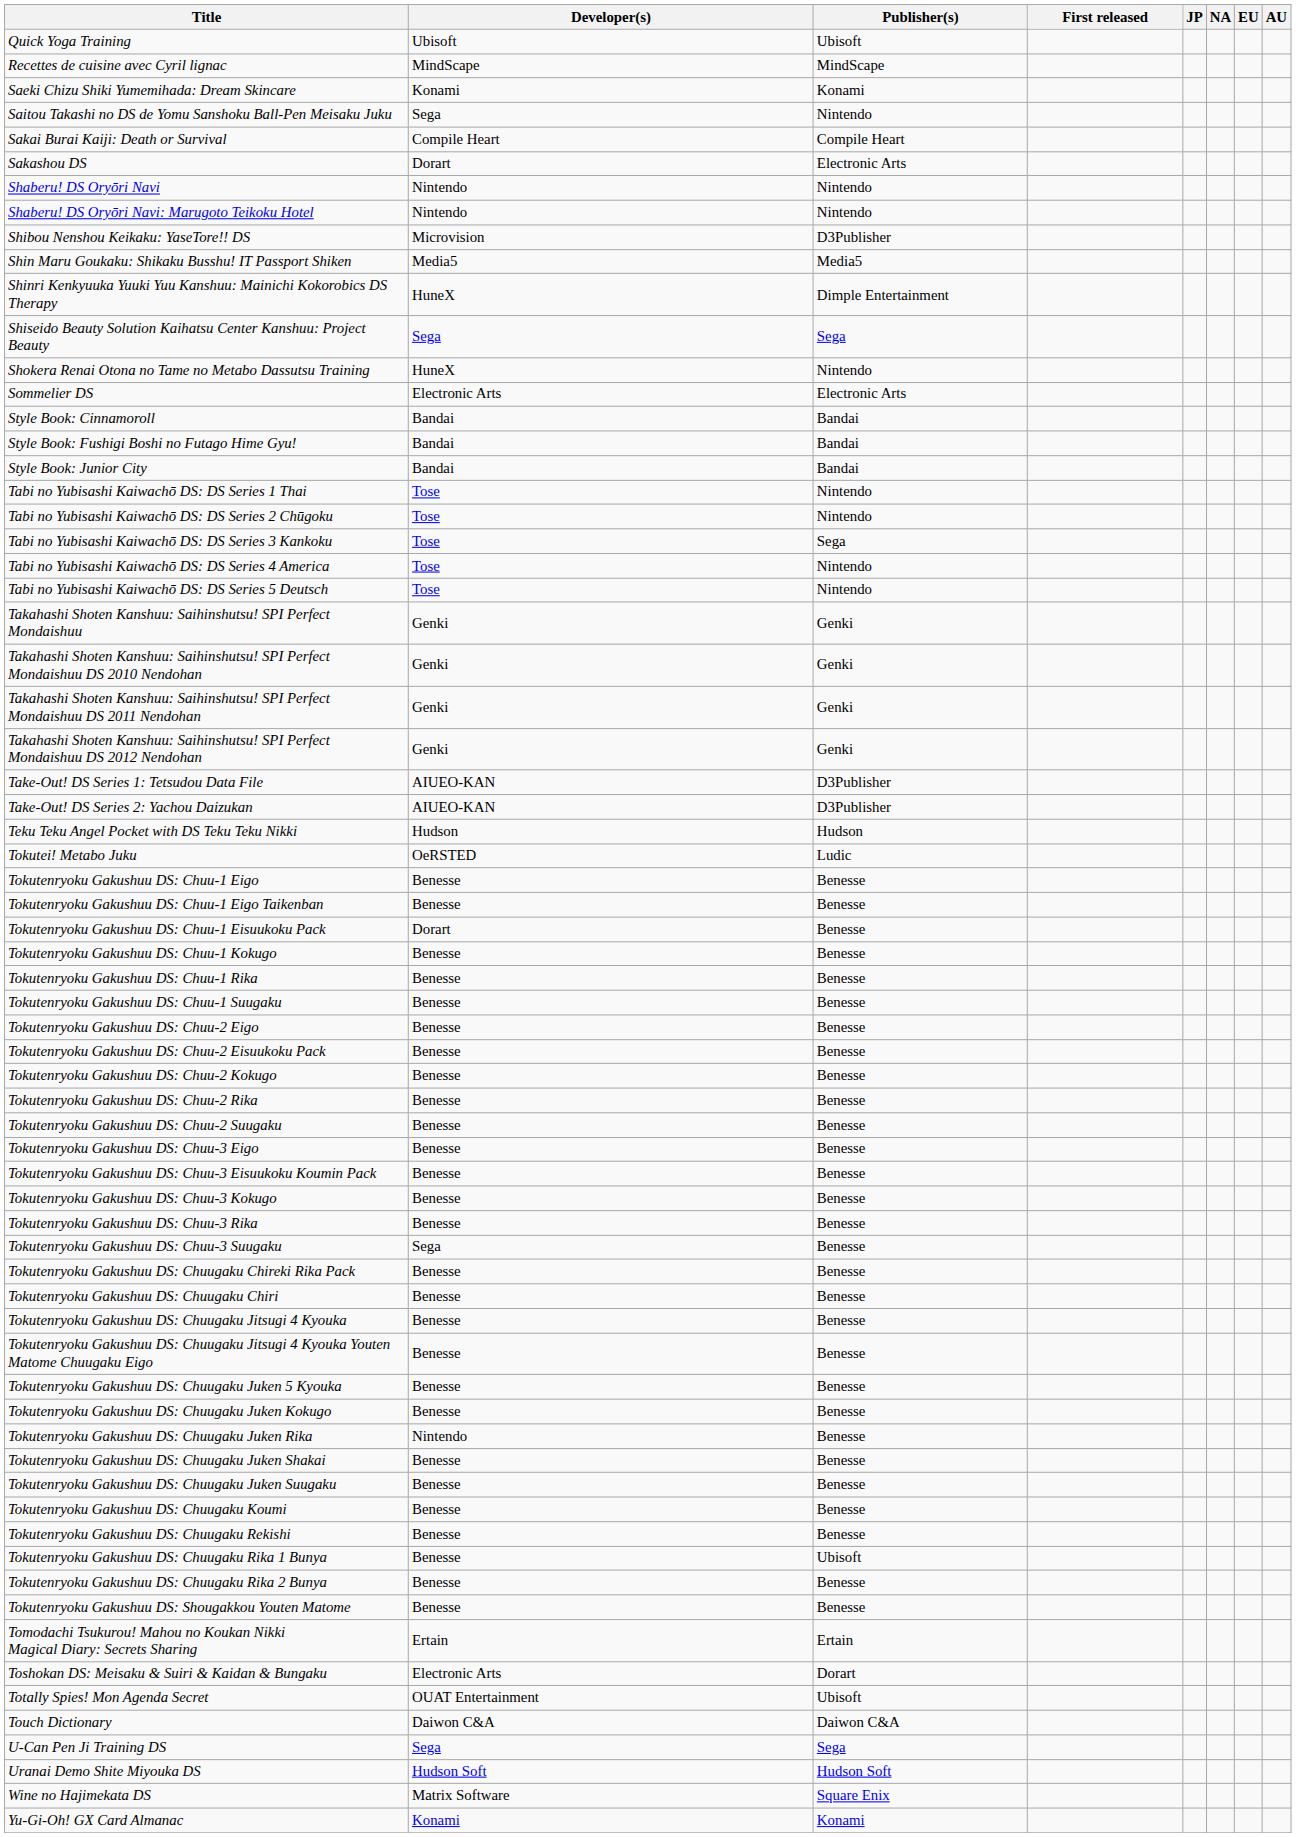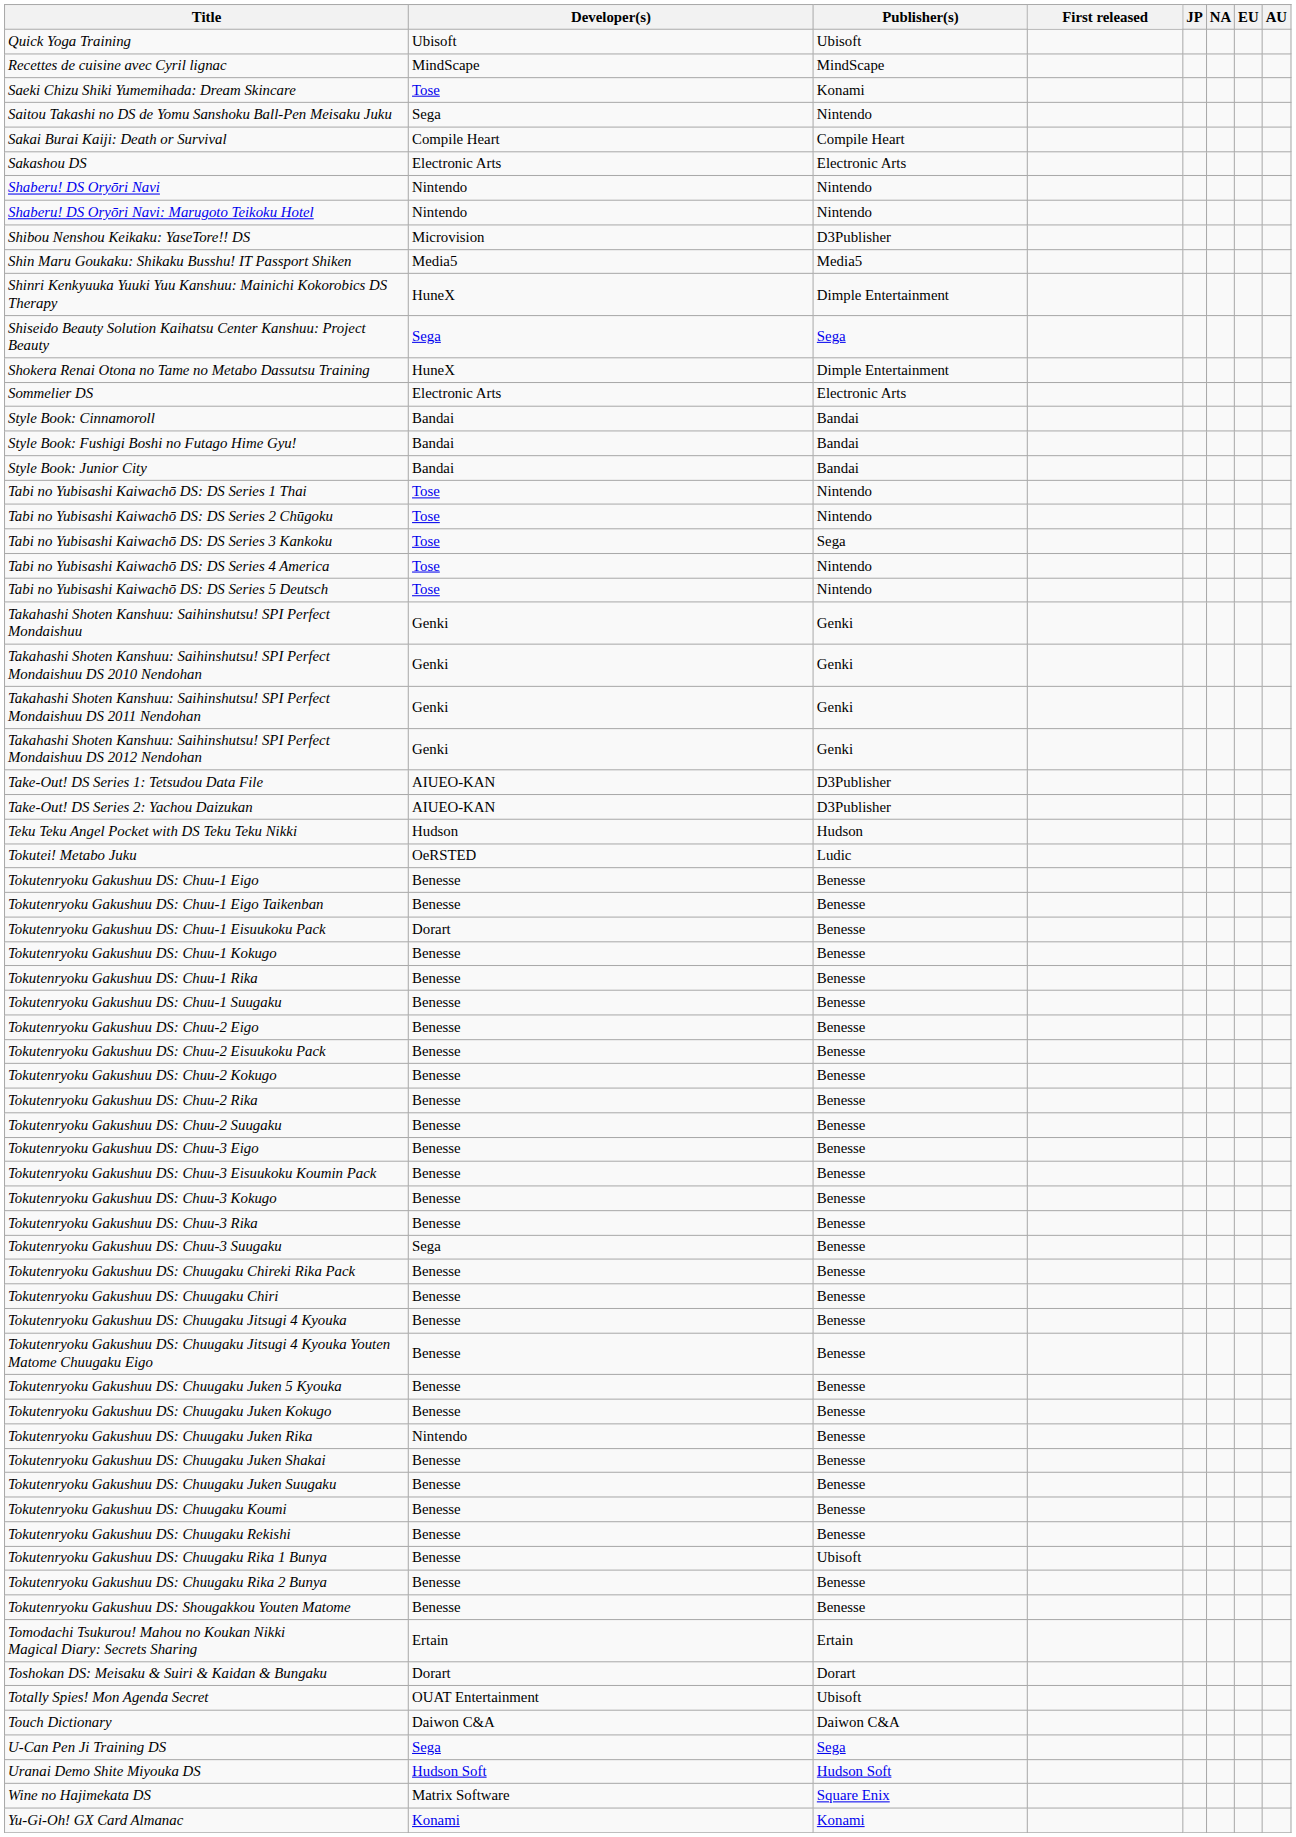 <table class="wikitable plainrowheaders sortable" style="font-size:90%;" id="applist">
 <tr>
 <th width=40%>Title</th>
 <th width=40%>Developer(s)</th>
 <th width=85%>Publisher(s)</th>
 <th style="display:inline-block; border:0; width:144px;">First released</th>
 <th width=5%>JP</th>
 <th width=5%>NA</th>
 <th width=5%>EU</th>
 <th width=5%>AU</th>
 </tr>
 <tr>
 <td><em>Quick Yoga Training</em></td>
 <td>Ubisoft</td>
 <td>Ubisoft</td>
 <td></td>
 <td></td>
 <td></td>
 <td></td>
 <td></td>
 </tr>
 <tr>
 <td><em>Recettes de cuisine avec Cyril lignac</em></td>
 <td>MindScape</td>
 <td>MindScape</td>
 <td></td>
 <td></td>
 <td></td>
 <td></td>
 <td></td>
 </tr>
 <tr>
 <td><em>Saeki Chizu Shiki Yumemihada: Dream Skincare</em></td>
-<td>Konami</td>
+<td><a href='#'>Tose</a></td>
 <td>Konami</td>
 <td></td>
 <td></td>
 <td></td>
 <td></td>
 <td></td>
 </tr>
 <tr>
 <td><em>Saitou Takashi no DS de Yomu Sanshoku Ball-Pen Meisaku Juku</em></td>
 <td>Sega</td>
 <td>Nintendo</td>
 <td></td>
 <td></td>
 <td></td>
 <td></td>
 <td></td>
 </tr>
 <tr>
 <td><em>Sakai Burai Kaiji: Death or Survival</em></td>
 <td>Compile Heart</td>
 <td>Compile Heart</td>
 <td></td>
 <td></td>
 <td></td>
 <td></td>
 <td></td>
 </tr>
 <tr>
 <td><em>Sakashou DS</em></td>
-<td>Dorart</td>
+<td>Electronic Arts</td>
 <td>Electronic Arts</td>
 <td></td>
 <td></td>
 <td></td>
 <td></td>
 <td></td>
 </tr>
 <tr>
 <td><em><a href='#'>Shaberu! DS Oryōri Navi</a></em></td>
 <td>Nintendo</td>
 <td>Nintendo</td>
 <td></td>
 <td></td>
 <td></td>
 <td></td>
 <td></td>
 </tr>
 <tr>
 <td><em><a href='#'>Shaberu! DS Oryōri Navi: Marugoto Teikoku Hotel</a></em></td>
 <td>Nintendo</td>
 <td>Nintendo</td>
 <td></td>
 <td></td>
 <td></td>
 <td></td>
 <td></td>
 </tr>
 <tr>
 <td><em>Shibou Nenshou Keikaku: YaseTore!! DS</em></td>
 <td>Microvision</td>
 <td>D3Publisher</td>
 <td></td>
 <td></td>
 <td></td>
 <td></td>
 <td></td>
 </tr>
 <tr>
 <td><em>Shin Maru Goukaku: Shikaku Busshu! IT Passport Shiken</em></td>
 <td>Media5</td>
 <td>Media5</td>
 <td></td>
 <td></td>
 <td></td>
 <td></td>
 <td></td>
 </tr>
 <tr>
 <td><em>Shinri Kenkyuuka Yuuki Yuu Kanshuu: Mainichi Kokorobics DS Therapy</em></td>
 <td>HuneX</td>
 <td>Dimple Entertainment</td>
 <td></td>
 <td></td>
 <td></td>
 <td></td>
 <td></td>
 </tr>
 <tr>
 <td><em>Shiseido Beauty Solution Kaihatsu Center Kanshuu: Project Beauty</em></td>
 <td><a href='#'>Sega</a></td>
 <td><a href='#'>Sega</a></td>
 <td></td>
 <td></td>
 <td></td>
 <td></td>
 <td></td>
 </tr>
 <tr>
 <td><em>Shokera Renai Otona no Tame no Metabo Dassutsu Training</em></td>
 <td>HuneX</td>
-<td>Nintendo</td>
+<td>Dimple Entertainment</td>
 <td></td>
 <td></td>
 <td></td>
 <td></td>
 <td></td>
 </tr>
 <tr>
 <td><em>Sommelier DS</em></td>
 <td>Electronic Arts</td>
 <td>Electronic Arts</td>
 <td></td>
 <td></td>
 <td></td>
 <td></td>
 <td></td>
 </tr>
 <tr>
 <td><em>Style Book: Cinnamoroll</em></td>
 <td>Bandai</td>
 <td>Bandai</td>
 <td></td>
 <td></td>
 <td></td>
 <td></td>
 <td></td>
 </tr>
 <tr>
 <td><em>Style Book: Fushigi Boshi no Futago Hime Gyu!</em></td>
 <td>Bandai</td>
 <td>Bandai</td>
 <td></td>
 <td></td>
 <td></td>
 <td></td>
 <td></td>
 </tr>
 <tr>
 <td><em>Style Book: Junior City</em></td>
 <td>Bandai</td>
 <td>Bandai</td>
 <td></td>
 <td></td>
 <td></td>
 <td></td>
 <td></td>
 </tr>
 <tr>
 <td><em>Tabi no Yubisashi Kaiwachō DS: DS Series 1 Thai</em></td>
 <td><a href='#'>Tose</a></td>
 <td>Nintendo</td>
 <td></td>
 <td></td>
 <td></td>
 <td></td>
 <td></td>
 </tr>
 <tr>
 <td><em>Tabi no Yubisashi Kaiwachō DS: DS Series 2 Chūgoku</em></td>
 <td><a href='#'>Tose</a></td>
 <td>Nintendo</td>
 <td></td>
 <td></td>
 <td></td>
 <td></td>
 <td></td>
 </tr>
 <tr>
 <td><em>Tabi no Yubisashi Kaiwachō DS: DS Series 3 Kankoku</em></td>
 <td><a href='#'>Tose</a></td>
 <td>Sega</td>
 <td></td>
 <td></td>
 <td></td>
 <td></td>
 <td></td>
 </tr>
 <tr>
 <td><em>Tabi no Yubisashi Kaiwachō DS: DS Series 4 America</em></td>
 <td><a href='#'>Tose</a></td>
 <td>Nintendo</td>
 <td></td>
 <td></td>
 <td></td>
 <td></td>
 <td></td>
 </tr>
 <tr>
 <td><em>Tabi no Yubisashi Kaiwachō DS: DS Series 5 Deutsch</em></td>
 <td><a href='#'>Tose</a></td>
 <td>Nintendo</td>
 <td></td>
 <td></td>
 <td></td>
 <td></td>
 <td></td>
 </tr>
 <tr>
 <td><em>Takahashi Shoten Kanshuu: Saihinshutsu! SPI Perfect Mondaishuu</em></td>
 <td>Genki</td>
 <td>Genki</td>
 <td></td>
 <td></td>
 <td></td>
 <td></td>
 <td></td>
 </tr>
 <tr>
 <td><em>Takahashi Shoten Kanshuu: Saihinshutsu! SPI Perfect Mondaishuu DS 2010 Nendohan</em></td>
 <td>Genki</td>
 <td>Genki</td>
 <td></td>
 <td></td>
 <td></td>
 <td></td>
 <td></td>
 </tr>
 <tr>
 <td><em>Takahashi Shoten Kanshuu: Saihinshutsu! SPI Perfect Mondaishuu DS 2011 Nendohan</em></td>
 <td>Genki</td>
 <td>Genki</td>
 <td></td>
 <td></td>
 <td></td>
 <td></td>
 <td></td>
 </tr>
 <tr>
 <td><em>Takahashi Shoten Kanshuu: Saihinshutsu! SPI Perfect Mondaishuu DS 2012 Nendohan</em></td>
 <td>Genki</td>
 <td>Genki</td>
 <td></td>
 <td></td>
 <td></td>
 <td></td>
 <td></td>
 </tr>
 <tr>
 <td><em>Take-Out! DS Series 1: Tetsudou Data File</em></td>
 <td>AIUEO-KAN</td>
 <td>D3Publisher</td>
 <td></td>
 <td></td>
 <td></td>
 <td></td>
 <td></td>
 </tr>
 <tr>
 <td><em>Take-Out! DS Series 2: Yachou Daizukan</em></td>
 <td>AIUEO-KAN</td>
 <td>D3Publisher</td>
 <td></td>
 <td></td>
 <td></td>
 <td></td>
 <td></td>
 </tr>
 <tr>
 <td><em>Teku Teku Angel Pocket with DS Teku Teku Nikki</em></td>
 <td>Hudson</td>
 <td>Hudson</td>
 <td></td>
 <td></td>
 <td></td>
 <td></td>
 <td></td>
 </tr>
 <tr>
 <td><em>Tokutei! Metabo Juku</em></td>
 <td>OeRSTED</td>
 <td>Ludic</td>
 <td></td>
 <td></td>
 <td></td>
 <td></td>
 <td></td>
 </tr>
 <tr>
 <td><em>Tokutenryoku Gakushuu DS: Chuu-1 Eigo</em></td>
 <td>Benesse</td>
 <td>Benesse</td>
 <td></td>
 <td></td>
 <td></td>
 <td></td>
 <td></td>
 </tr>
 <tr>
 <td><em>Tokutenryoku Gakushuu DS: Chuu-1 Eigo Taikenban</em></td>
 <td>Benesse</td>
 <td>Benesse</td>
 <td></td>
 <td></td>
 <td></td>
 <td></td>
 <td></td>
 </tr>
 <tr>
 <td><em>Tokutenryoku Gakushuu DS: Chuu-1 Eisuukoku Pack</em></td>
 <td>Dorart</td>
 <td>Benesse</td>
 <td></td>
 <td></td>
 <td></td>
 <td></td>
 <td></td>
 </tr>
 <tr>
 <td><em>Tokutenryoku Gakushuu DS: Chuu-1 Kokugo</em></td>
 <td>Benesse</td>
 <td>Benesse</td>
 <td></td>
 <td></td>
 <td></td>
 <td></td>
 <td></td>
 </tr>
 <tr>
 <td><em>Tokutenryoku Gakushuu DS: Chuu-1 Rika</em></td>
 <td>Benesse</td>
 <td>Benesse</td>
 <td></td>
 <td></td>
 <td></td>
 <td></td>
 <td></td>
 </tr>
 <tr>
 <td><em>Tokutenryoku Gakushuu DS: Chuu-1 Suugaku</em></td>
 <td>Benesse</td>
 <td>Benesse</td>
 <td></td>
 <td></td>
 <td></td>
 <td></td>
 <td></td>
 </tr>
 <tr>
 <td><em>Tokutenryoku Gakushuu DS: Chuu-2 Eigo</em></td>
 <td>Benesse</td>
 <td>Benesse</td>
 <td></td>
 <td></td>
 <td></td>
 <td></td>
 <td></td>
 </tr>
 <tr>
 <td><em>Tokutenryoku Gakushuu DS: Chuu-2 Eisuukoku Pack</em></td>
 <td>Benesse</td>
 <td>Benesse</td>
 <td></td>
 <td></td>
 <td></td>
 <td></td>
 <td></td>
 </tr>
 <tr>
 <td><em>Tokutenryoku Gakushuu DS: Chuu-2 Kokugo</em></td>
 <td>Benesse</td>
 <td>Benesse</td>
 <td></td>
 <td></td>
 <td></td>
 <td></td>
 <td></td>
 </tr>
 <tr>
 <td><em>Tokutenryoku Gakushuu DS: Chuu-2 Rika</em></td>
 <td>Benesse</td>
 <td>Benesse</td>
 <td></td>
 <td></td>
 <td></td>
 <td></td>
 <td></td>
 </tr>
 <tr>
 <td><em>Tokutenryoku Gakushuu DS: Chuu-2 Suugaku</em></td>
 <td>Benesse</td>
 <td>Benesse</td>
 <td></td>
 <td></td>
 <td></td>
 <td></td>
 <td></td>
 </tr>
 <tr>
 <td><em>Tokutenryoku Gakushuu DS: Chuu-3 Eigo</em></td>
 <td>Benesse</td>
 <td>Benesse</td>
 <td></td>
 <td></td>
 <td></td>
 <td></td>
 <td></td>
 </tr>
 <tr>
 <td><em>Tokutenryoku Gakushuu DS: Chuu-3 Eisuukoku Koumin Pack</em></td>
 <td>Benesse</td>
 <td>Benesse</td>
 <td></td>
 <td></td>
 <td></td>
 <td></td>
 <td></td>
 </tr>
 <tr>
 <td><em>Tokutenryoku Gakushuu DS: Chuu-3 Kokugo</em></td>
 <td>Benesse</td>
 <td>Benesse</td>
 <td></td>
 <td></td>
 <td></td>
 <td></td>
 <td></td>
 </tr>
 <tr>
 <td><em>Tokutenryoku Gakushuu DS: Chuu-3 Rika</em></td>
 <td>Benesse</td>
 <td>Benesse</td>
 <td></td>
 <td></td>
 <td></td>
 <td></td>
 <td></td>
 </tr>
 <tr>
 <td><em>Tokutenryoku Gakushuu DS: Chuu-3 Suugaku</em></td>
 <td>Sega</td>
 <td>Benesse</td>
 <td></td>
 <td></td>
 <td></td>
 <td></td>
 <td></td>
 </tr>
 <tr>
 <td><em>Tokutenryoku Gakushuu DS: Chuugaku Chireki Rika Pack</em></td>
 <td>Benesse</td>
 <td>Benesse</td>
 <td></td>
 <td></td>
 <td></td>
 <td></td>
 <td></td>
 </tr>
 <tr>
 <td><em>Tokutenryoku Gakushuu DS: Chuugaku Chiri</em></td>
 <td>Benesse</td>
 <td>Benesse</td>
 <td></td>
 <td></td>
 <td></td>
 <td></td>
 <td></td>
 </tr>
 <tr>
 <td><em>Tokutenryoku Gakushuu DS: Chuugaku Jitsugi 4 Kyouka</em></td>
 <td>Benesse</td>
 <td>Benesse</td>
 <td></td>
 <td></td>
 <td></td>
 <td></td>
 <td></td>
 </tr>
 <tr>
 <td><em>Tokutenryoku Gakushuu DS: Chuugaku Jitsugi 4 Kyouka Youten Matome Chuugaku Eigo</em></td>
 <td>Benesse</td>
 <td>Benesse</td>
 <td></td>
 <td></td>
 <td></td>
 <td></td>
 <td></td>
 </tr>
 <tr>
 <td><em>Tokutenryoku Gakushuu DS: Chuugaku Juken 5 Kyouka</em></td>
 <td>Benesse</td>
 <td>Benesse</td>
 <td></td>
 <td></td>
 <td></td>
 <td></td>
 <td></td>
 </tr>
 <tr>
 <td><em>Tokutenryoku Gakushuu DS: Chuugaku Juken Kokugo</em></td>
 <td>Benesse</td>
 <td>Benesse</td>
 <td></td>
 <td></td>
 <td></td>
 <td></td>
 <td></td>
 </tr>
 <tr>
 <td><em>Tokutenryoku Gakushuu DS: Chuugaku Juken Rika</em></td>
 <td>Nintendo</td>
 <td>Benesse</td>
 <td></td>
 <td></td>
 <td></td>
 <td></td>
 <td></td>
 </tr>
 <tr>
 <td><em>Tokutenryoku Gakushuu DS: Chuugaku Juken Shakai</em></td>
 <td>Benesse</td>
 <td>Benesse</td>
 <td></td>
 <td></td>
 <td></td>
 <td></td>
 <td></td>
 </tr>
 <tr>
 <td><em>Tokutenryoku Gakushuu DS: Chuugaku Juken Suugaku</em></td>
 <td>Benesse</td>
 <td>Benesse</td>
 <td></td>
 <td></td>
 <td></td>
 <td></td>
 <td></td>
 </tr>
 <tr>
 <td><em>Tokutenryoku Gakushuu DS: Chuugaku Koumi</em></td>
 <td>Benesse</td>
 <td>Benesse</td>
 <td></td>
 <td></td>
 <td></td>
 <td></td>
 <td></td>
 </tr>
 <tr>
 <td><em>Tokutenryoku Gakushuu DS: Chuugaku Rekishi</em></td>
 <td>Benesse</td>
 <td>Benesse</td>
 <td></td>
 <td></td>
 <td></td>
 <td></td>
 <td></td>
 </tr>
 <tr>
 <td><em>Tokutenryoku Gakushuu DS: Chuugaku Rika 1 Bunya</em></td>
 <td>Benesse</td>
 <td>Ubisoft</td>
 <td></td>
 <td></td>
 <td></td>
 <td></td>
 <td></td>
 </tr>
 <tr>
 <td><em>Tokutenryoku Gakushuu DS: Chuugaku Rika 2 Bunya</em></td>
 <td>Benesse</td>
 <td>Benesse</td>
 <td></td>
 <td></td>
 <td></td>
 <td></td>
 <td></td>
 </tr>
 <tr>
 <td><em>Tokutenryoku Gakushuu DS: Shougakkou Youten Matome</em></td>
 <td>Benesse</td>
 <td>Benesse</td>
 <td></td>
 <td></td>
 <td></td>
 <td></td>
 <td></td>
 </tr>
 <tr>
 <td><em>Tomodachi Tsukurou! Mahou no Koukan Nikki</em><br><em>Magical Diary: Secrets Sharing</em><br></td>
 <td>Ertain</td>
 <td>Ertain</td>
 <td></td>
 <td></td>
 <td></td>
 <td></td>
 <td></td>
 </tr>
 <tr>
 <td><em>Toshokan DS: Meisaku & Suiri & Kaidan & Bungaku</em></td>
-<td>Electronic Arts</td>
+<td>Dorart</td>
 <td>Dorart</td>
 <td></td>
 <td></td>
 <td></td>
 <td></td>
 <td></td>
 </tr>
 <tr>
 <td><em>Totally Spies! Mon Agenda Secret</em></td>
 <td>OUAT Entertainment</td>
 <td>Ubisoft</td>
 <td></td>
 <td></td>
 <td></td>
 <td></td>
 <td></td>
 </tr>
 <tr>
 <td><em>Touch Dictionary</em></td>
 <td>Daiwon C&A</td>
 <td>Daiwon C&A</td>
 <td></td>
 <td></td>
 <td></td>
 <td></td>
 <td></td>
 </tr>
 <tr>
 <td><em>U-Can Pen Ji Training DS</em></td>
 <td><a href='#'>Sega</a></td>
 <td><a href='#'>Sega</a></td>
 <td></td>
 <td></td>
 <td></td>
 <td></td>
 <td></td>
 </tr>
 <tr>
 <td><em>Uranai Demo Shite Miyouka DS</em></td>
 <td><a href='#'>Hudson Soft</a></td>
 <td><a href='#'>Hudson Soft</a></td>
 <td></td>
 <td></td>
 <td></td>
 <td></td>
 <td></td>
 </tr>
 <tr>
 <td><em>Wine no Hajimekata DS</em></td>
 <td>Matrix Software</td>
 <td><a href='#'>Square Enix</a></td>
 <td></td>
 <td></td>
 <td></td>
 <td></td>
 <td></td>
 </tr>
 <tr>
 <td><em>Yu-Gi-Oh! GX Card Almanac</em></td>
 <td><a href='#'>Konami</a></td>
 <td><a href='#'>Konami</a></td>
 <td></td>
 <td></td>
 <td></td>
 <td></td>
 <td></td>
 </tr>
 </table>
